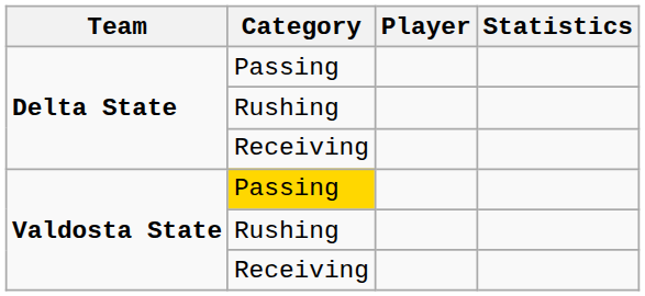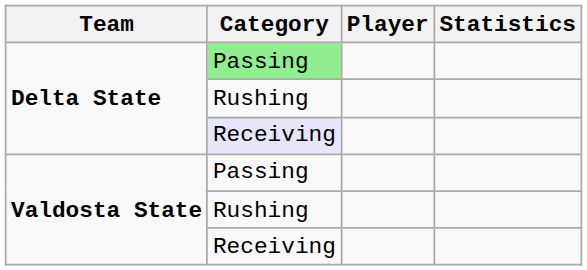 <table class="wikitable" style="float: right;">
 <tr>
 <th>Team</th>
 <th>Category</th>
 <th>Player</th>
 <th>Statistics</th>
 </tr>
 <tr>
 <td rowspan=3><strong>Delta State</strong></td>
+<td style="background: lightgreen;">Passing</td>
+<td></td>
+<td></td>
+</tr>
+<tr>
+<td>Rushing</td>
+<td></td>
+<td></td>
+</tr>
+<tr>
+<td style="background: lavender;">Receiving</td>
+<td></td>
+<td></td>
+</tr>
+<tr>
+<td rowspan=3><strong>Valdosta State</strong></td>
 <td>Passing</td>
 <td></td>
 <td></td>
 </tr>
 <tr>
 <td>Rushing</td>
 <td></td>
 <td></td>
 </tr>
 <tr>
 <td>Receiving</td>
 <td></td>
 <td></td>
 </tr>
-<tr>
-<td rowspan=3><strong>Valdosta State</strong></td>
-<td style="background: gold;">Passing</td>
-<td></td>
-<td></td>
-</tr>
-<tr>
-<td>Rushing</td>
-<td></td>
-<td></td>
-</tr>
-<tr>
-<td>Receiving</td>
-<td></td>
-<td></td>
-</tr>
 </table>
